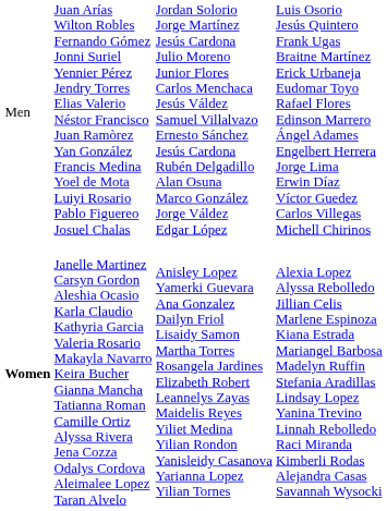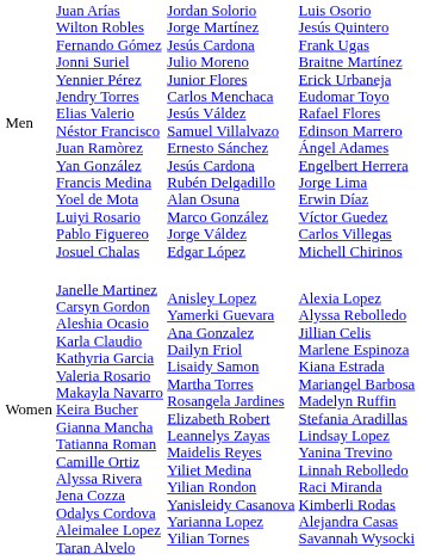 <table>
 <tr>
 <td>Men</td>
 <td><br><a href='#'>Juan Arías</a><br><a href='#'>Wilton Robles</a><br><a href='#'>Fernando Gómez</a><br><a href='#'>Jonni Suriel</a><br><a href='#'>Yennier Pérez</a><br><a href='#'>Jendry Torres</a><br><a href='#'>Elias Valerio</a><br><a href='#'>Néstor Francisco</a><br><a href='#'>Juan Ramòrez</a><br><a href='#'>Yan González</a><br><a href='#'>Francis Medina</a><br><a href='#'>Yoel de Mota</a><br><a href='#'>Luiyi Rosario</a><br><a href='#'>Pablo Figuereo</a><br><a href='#'>Josuel Chalas</a></td>
 <td><br><a href='#'>Jordan Solorio</a><br><a href='#'>Jorge Martínez</a><br><a href='#'>Jesús Cardona</a><br><a href='#'>Julio Moreno</a><br><a href='#'>Junior Flores</a><br><a href='#'>Carlos Menchaca</a><br><a href='#'>Jesús Váldez</a><br><a href='#'>Samuel Villalvazo</a><br><a href='#'>Ernesto Sánchez</a><br><a href='#'>Jesús Cardona</a><br><a href='#'>Rubén Delgadillo</a><br><a href='#'>Alan Osuna</a><br><a href='#'>Marco González</a><br><a href='#'>Jorge Váldez</a><br><a href='#'>Edgar López</a></td>
 <td><br><a href='#'>Luis Osorio</a><br><a href='#'>Jesús Quintero</a><br><a href='#'>Frank Ugas</a><br><a href='#'>Braitne Martínez</a><br><a href='#'>Erick Urbaneja</a><br><a href='#'>Eudomar Toyo</a><br><a href='#'>Rafael Flores</a><br><a href='#'>Edinson Marrero</a><br><a href='#'>Ángel Adames</a><br><a href='#'>Engelbert Herrera</a><br><a href='#'>Jorge Lima</a><br><a href='#'>Erwin Díaz</a><br><a href='#'>Víctor Guedez</a><br><a href='#'>Carlos Villegas</a><br><a href='#'>Michell Chirinos</a></td>
 </tr>
 <tr>
-<td><strong>Women</strong></td>
+<td>Women</td>
 <td><br><a href='#'>Janelle Martinez</a><br><a href='#'>Carsyn Gordon</a><br><a href='#'>Aleshia Ocasio</a><br><a href='#'>Karla Claudio</a><br><a href='#'>Kathyria Garcia</a><br><a href='#'>Valeria Rosario</a><br><a href='#'>Makayla Navarro</a><br><a href='#'>Keira Bucher</a><br><a href='#'>Gianna Mancha</a><br><a href='#'>Tatianna Roman</a><br><a href='#'>Camille Ortiz</a><br><a href='#'>Alyssa Rivera</a><br><a href='#'>Jena Cozza</a><br><a href='#'>Odalys Cordova</a><br><a href='#'>Aleimalee Lopez</a><br><a href='#'>Taran Alvelo</a></td>
 <td><br><a href='#'>Anisley Lopez</a><br><a href='#'>Yamerki Guevara</a><br><a href='#'>Ana Gonzalez</a><br><a href='#'>Dailyn Friol</a><br><a href='#'>Lisaidy Samon</a><br><a href='#'>Martha Torres</a><br><a href='#'>Rosangela Jardines</a><br><a href='#'>Elizabeth Robert</a><br><a href='#'>Leannelys Zayas</a><br><a href='#'>Maidelis Reyes</a><br><a href='#'>Yiliet Medina</a><br><a href='#'>Yilian Rondon</a><br><a href='#'>Yanisleidy Casanova</a><br><a href='#'>Yarianna Lopez</a><br><a href='#'>Yilian Tornes</a></td>
 <td><br><a href='#'>Alexia Lopez</a><br><a href='#'>Alyssa Rebolledo</a><br><a href='#'>Jillian Celis</a><br><a href='#'>Marlene Espinoza</a><br><a href='#'>Kiana Estrada</a><br><a href='#'>Mariangel Barbosa</a><br><a href='#'>Madelyn Ruffin</a><br><a href='#'>Stefania Aradillas</a><br><a href='#'>Lindsay Lopez</a><br><a href='#'>Yanina Trevino</a><br><a href='#'>Linnah Rebolledo</a><br><a href='#'>Raci Miranda</a><br><a href='#'>Kimberli Rodas</a><br><a href='#'>Alejandra Casas</a><br><a href='#'>Savannah Wysocki</a></td>
 </tr>
 </table>
